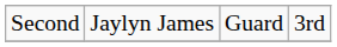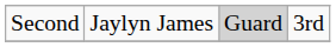 <table class="wikitable" border="1">
 <tr align=center>
 </tr>
 <tr>
 <td rowspan=1>Second</td>
 <td>Jaylyn James</td>
-<td>Guard</td>
+<td style="background: lightgrey;">Guard</td>
 <td>3rd</td>
 </tr>
 <tr>
 </tr>
 </table>
